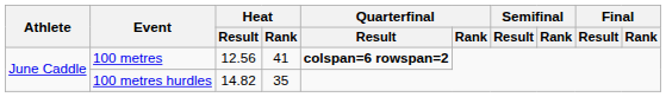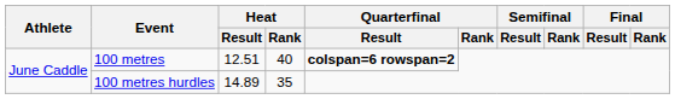 <table class=wikitable style=font-size:90%>
 <tr>
 <th rowspan=2>Athlete</th>
 <th rowspan=2>Event</th>
 <th colspan=2>Heat</th>
 <th colspan=2>Quarterfinal</th>
 <th colspan=2>Semifinal</th>
 <th colspan=2>Final</th>
 </tr>
 <tr style=font-size:95%>
 <th>Result</th>
 <th>Rank</th>
 <th>Result</th>
 <th>Rank</th>
 <th>Result</th>
 <th>Rank</th>
 <th>Result</th>
 <th>Rank</th>
 </tr>
 <tr align=center>
 <td align=left rowspan=2><a href='#'>June Caddle</a></td>
 <td align=left><a href='#'>100 metres</a></td>
-<td>12.56</td>
-<td>41</td>
+<td>12.51</td>
+<td>40</td>
 <td><strong>colspan=6 rowspan=2 </strong></td>
 </tr>
 <tr align=center>
 <td align=left><a href='#'>100 metres hurdles</a></td>
-<td>14.82</td>
+<td>14.89</td>
 <td>35</td>
 </tr>
 </table>
